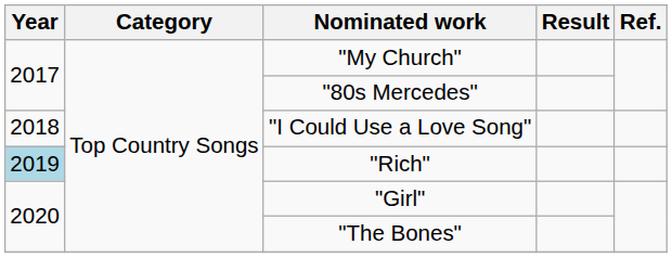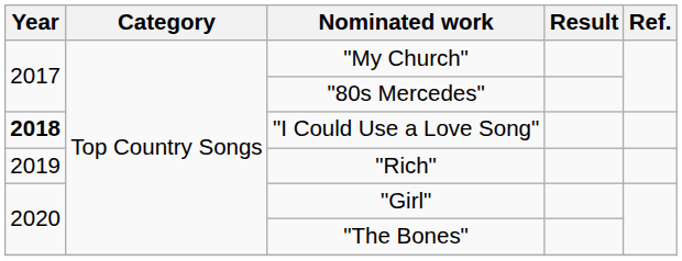 <table class="wikitable" style="text-align:center;">
 <tr>
 <th>Year</th>
 <th>Category</th>
 <th>Nominated work</th>
 <th>Result</th>
 <th>Ref.</th>
 </tr>
 <tr>
 <td rowspan="2">2017</td>
 <td rowspan=6>Top Country Songs</td>
 <td>"My Church"</td>
 <td></td>
 <td rowspan="2"></td>
 </tr>
 <tr>
 <td>"80s Mercedes"</td>
 <td></td>
 </tr>
 <tr>
-<td rowspan="1">2018</td>
+<td rowspan="1"><strong>2018</strong></td>
 <td>"I Could Use a Love Song"</td>
 <td></td>
 <td></td>
 </tr>
 <tr>
-<td rowspan="1" style="background: lightblue;">2019</td>
+<td rowspan="1">2019</td>
 <td>"Rich"</td>
 <td></td>
 <td></td>
 </tr>
 <tr>
 <td rowspan="2">2020</td>
 <td>"Girl"</td>
 <td></td>
 <td rowspan="2"></td>
 </tr>
 <tr>
 <td>"The Bones"</td>
 <td></td>
 </tr>
 <tr>
 </tr>
 </table>
